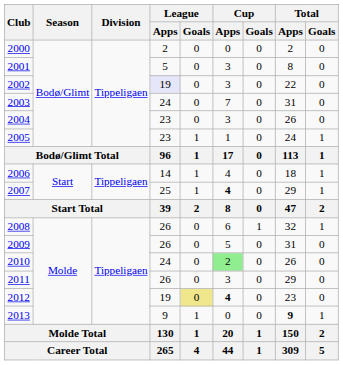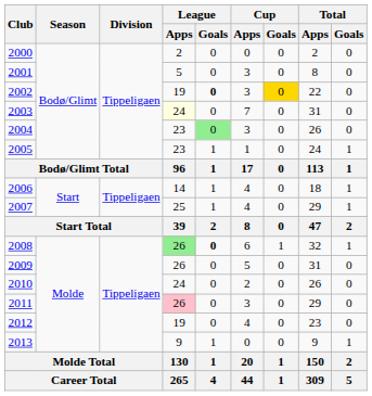 <table class="wikitable" style="text-align: center;">
 <tr>
 <th rowspan="2">Club</th>
 <th rowspan="2">Season</th>
 <th rowspan="2">Division</th>
 <th colspan="2">League</th>
 <th colspan="2">Cup</th>
 <th colspan="2">Total</th>
 </tr>
 <tr>
 <th>Apps</th>
 <th>Goals</th>
 <th>Apps</th>
 <th>Goals</th>
 <th>Apps</th>
 <th>Goals</th>
 </tr>
 <tr>
 <td><a href='#'>2000</a></td>
 <td rowspan="6" valign="center"><a href='#'>Bodø/Glimt</a></td>
 <td rowspan="6" valign="center"><a href='#'>Tippeligaen</a></td>
 <td>2</td>
 <td>0</td>
 <td>0</td>
 <td>0</td>
 <td>2</td>
 <td>0</td>
 </tr>
 <tr>
 <td><a href='#'>2001</a></td>
 <td>5</td>
 <td>0</td>
 <td>3</td>
 <td>0</td>
 <td>8</td>
 <td>0</td>
 </tr>
 <tr>
 <td><a href='#'>2002</a></td>
-<td style="background: lavender;">19</td>
-<td>0</td>
+<td>19</td>
+<td><strong>0</strong></td>
 <td>3</td>
-<td>0</td>
+<td style="background: gold;">0</td>
 <td>22</td>
 <td>0</td>
 </tr>
 <tr>
 <td><a href='#'>2003</a></td>
-<td>24</td>
+<td style="background: lightyellow;">24</td>
 <td>0</td>
 <td>7</td>
 <td>0</td>
 <td>31</td>
 <td>0</td>
 </tr>
 <tr>
 <td><a href='#'>2004</a></td>
 <td>23</td>
-<td>0</td>
+<td style="background: lightgreen;">0</td>
 <td>3</td>
 <td>0</td>
 <td>26</td>
 <td>0</td>
 </tr>
 <tr>
 <td><a href='#'>2005</a></td>
 <td>23</td>
 <td>1</td>
 <td>1</td>
 <td>0</td>
 <td>24</td>
 <td>1</td>
 </tr>
 <tr>
 <th colspan="3">Bodø/Glimt Total</th>
 <th>96</th>
 <th>1</th>
 <th>17</th>
 <th>0</th>
 <th>113</th>
 <th>1</th>
 </tr>
 <tr>
 <td><a href='#'>2006</a></td>
 <td rowspan="2" valign="center"><a href='#'>Start</a></td>
 <td rowspan="2" valign="center"><a href='#'>Tippeligaen</a></td>
 <td>14</td>
 <td>1</td>
 <td>4</td>
 <td>0</td>
 <td>18</td>
 <td>1</td>
 </tr>
 <tr>
 <td><a href='#'>2007</a></td>
 <td>25</td>
 <td>1</td>
-<td><strong>4</strong></td>
+<td>4</td>
 <td>0</td>
 <td>29</td>
 <td>1</td>
 </tr>
 <tr>
 <th colspan="3">Start Total</th>
 <th>39</th>
 <th>2</th>
 <th>8</th>
 <th>0</th>
 <th>47</th>
 <th>2</th>
 </tr>
 <tr>
 <td><a href='#'>2008</a></td>
 <td rowspan="6" valign="center"><a href='#'>Molde</a></td>
 <td rowspan="6" valign="center"><a href='#'>Tippeligaen</a></td>
-<td>26</td>
-<td>0</td>
+<td style="background: lightgreen;">26</td>
+<td><strong>0</strong></td>
 <td>6</td>
 <td>1</td>
 <td>32</td>
 <td>1</td>
 </tr>
 <tr>
 <td><a href='#'>2009</a></td>
 <td>26</td>
 <td>0</td>
 <td>5</td>
 <td>0</td>
 <td>31</td>
 <td>0</td>
 </tr>
 <tr>
 <td><a href='#'>2010</a></td>
 <td>24</td>
 <td>0</td>
-<td style="background: lightgreen;">2</td>
+<td>2</td>
 <td>0</td>
 <td>26</td>
 <td>0</td>
 </tr>
 <tr>
 <td><a href='#'>2011</a></td>
-<td>26</td>
+<td style="background: pink;">26</td>
 <td>0</td>
 <td>3</td>
 <td>0</td>
 <td>29</td>
 <td>0</td>
 </tr>
 <tr>
 <td><a href='#'>2012</a></td>
 <td>19</td>
-<td style="background: khaki;">0</td>
-<td><strong>4</strong></td>
+<td>0</td>
+<td>4</td>
 <td>0</td>
 <td>23</td>
 <td>0</td>
 </tr>
 <tr>
 <td><a href='#'>2013</a></td>
 <td>9</td>
 <td>1</td>
 <td>0</td>
 <td>0</td>
-<td><strong>9</strong></td>
+<td>9</td>
 <td>1</td>
 </tr>
 <tr>
 <th colspan="3">Molde Total</th>
 <th>130</th>
 <th>1</th>
 <th>20</th>
 <th>1</th>
 <th>150</th>
 <th>2</th>
 </tr>
 <tr>
 <th colspan="3">Career Total</th>
 <th>265</th>
 <th>4</th>
 <th>44</th>
 <th>1</th>
 <th>309</th>
 <th>5</th>
 </tr>
 </table>
